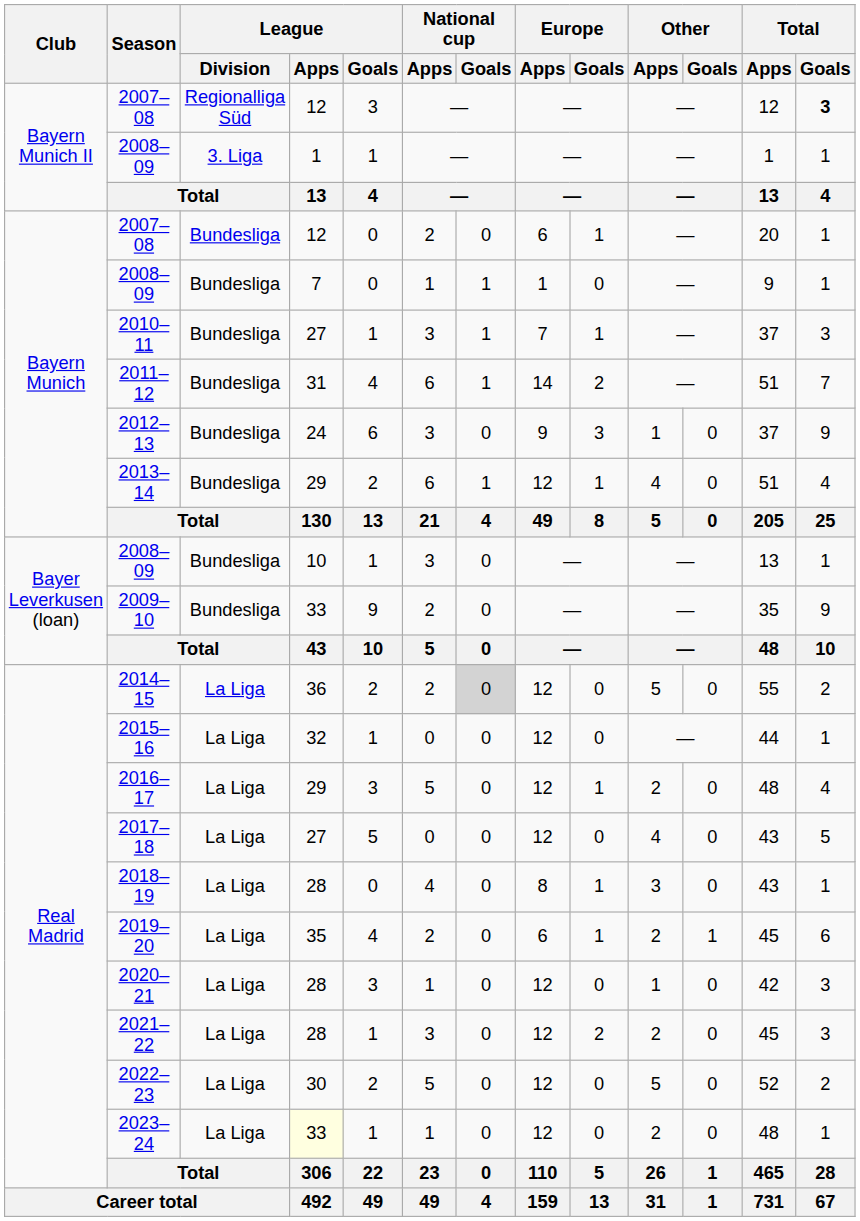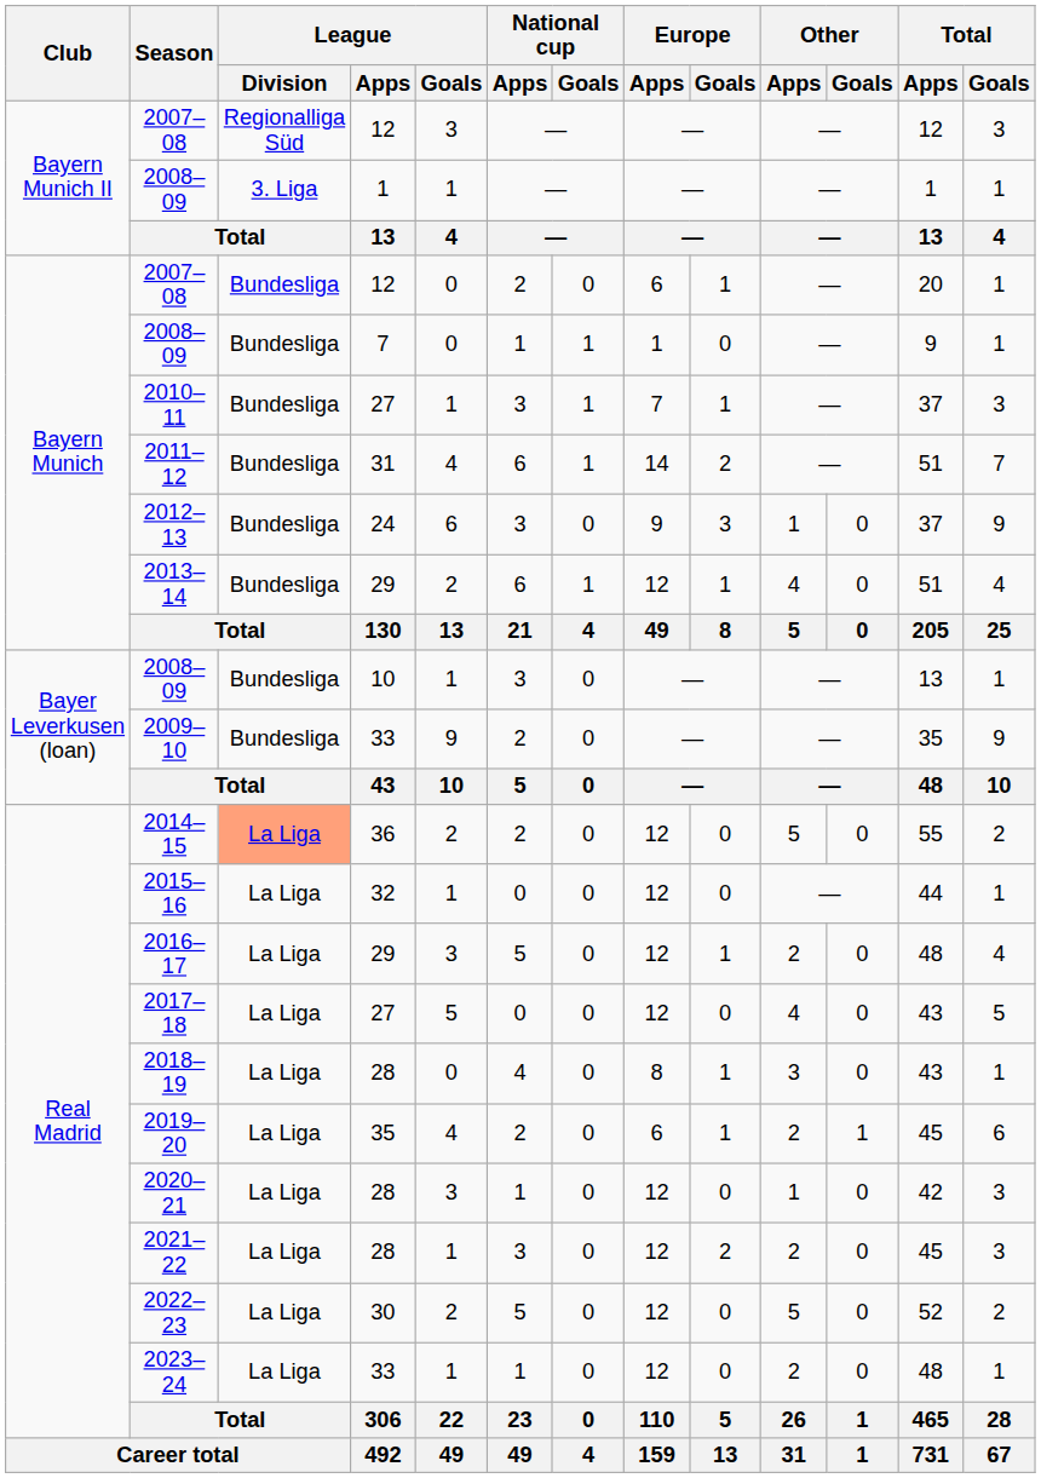 <table class="wikitable" style="text-align:center">
 <tr>
 <th rowspan="2">Club</th>
 <th rowspan="2">Season</th>
 <th colspan="3">League</th>
 <th colspan="2">National cup</th>
 <th colspan="2">Europe</th>
 <th colspan="2">Other</th>
 <th colspan="2">Total</th>
 </tr>
 <tr>
 <th>Division</th>
 <th>Apps</th>
 <th>Goals</th>
 <th>Apps</th>
 <th>Goals</th>
 <th>Apps</th>
 <th>Goals</th>
 <th>Apps</th>
 <th>Goals</th>
 <th>Apps</th>
 <th>Goals</th>
 </tr>
 <tr>
 <td rowspan="3"><a href='#'>Bayern Munich II</a></td>
 <td><a href='#'>2007–08</a></td>
 <td><a href='#'>Regionalliga Süd</a></td>
 <td>12</td>
 <td>3</td>
 <td colspan="2">—</td>
 <td colspan="2">—</td>
 <td colspan="2">—</td>
 <td>12</td>
-<td><strong>3</strong></td>
+<td>3</td>
 </tr>
 <tr>
 <td><a href='#'>2008–09</a></td>
 <td><a href='#'>3. Liga</a></td>
 <td>1</td>
 <td>1</td>
 <td colspan="2">—</td>
 <td colspan="2">—</td>
 <td colspan="2">—</td>
 <td>1</td>
 <td>1</td>
 </tr>
 <tr>
 <th colspan="2">Total</th>
 <th>13</th>
 <th>4</th>
 <th colspan="2">—</th>
 <th colspan="2">—</th>
 <th colspan="2">—</th>
 <th>13</th>
 <th>4</th>
 </tr>
 <tr>
 <td rowspan="7"><a href='#'>Bayern Munich</a></td>
 <td><a href='#'>2007–08</a></td>
 <td><a href='#'>Bundesliga</a></td>
 <td>12</td>
 <td>0</td>
 <td>2</td>
 <td>0</td>
 <td>6</td>
 <td>1</td>
 <td colspan="2">—</td>
 <td>20</td>
 <td>1</td>
 </tr>
 <tr>
 <td><a href='#'>2008–09</a></td>
 <td>Bundesliga</td>
 <td>7</td>
 <td>0</td>
 <td>1</td>
 <td>1</td>
 <td>1</td>
 <td>0</td>
 <td colspan="2">—</td>
 <td>9</td>
 <td>1</td>
 </tr>
 <tr>
 <td><a href='#'>2010–11</a></td>
 <td>Bundesliga</td>
 <td>27</td>
 <td>1</td>
 <td>3</td>
 <td>1</td>
 <td>7</td>
 <td>1</td>
 <td colspan="2">—</td>
 <td>37</td>
 <td>3</td>
 </tr>
 <tr>
 <td><a href='#'>2011–12</a></td>
 <td>Bundesliga</td>
 <td>31</td>
 <td>4</td>
 <td>6</td>
 <td>1</td>
 <td>14</td>
 <td>2</td>
 <td colspan="2">—</td>
 <td>51</td>
 <td>7</td>
 </tr>
 <tr>
 <td><a href='#'>2012–13</a></td>
 <td>Bundesliga</td>
 <td>24</td>
 <td>6</td>
 <td>3</td>
 <td>0</td>
 <td>9</td>
 <td>3</td>
 <td>1</td>
 <td>0</td>
 <td>37</td>
 <td>9</td>
 </tr>
 <tr>
 <td><a href='#'>2013–14</a></td>
 <td>Bundesliga</td>
 <td>29</td>
 <td>2</td>
 <td>6</td>
 <td>1</td>
 <td>12</td>
 <td>1</td>
 <td>4</td>
 <td>0</td>
 <td>51</td>
 <td>4</td>
 </tr>
 <tr>
 <th colspan="2">Total</th>
 <th>130</th>
 <th>13</th>
 <th>21</th>
 <th>4</th>
 <th>49</th>
 <th>8</th>
 <th>5</th>
 <th>0</th>
 <th>205</th>
 <th>25</th>
 </tr>
 <tr>
 <td rowspan="3"><a href='#'>Bayer Leverkusen</a> (loan)</td>
 <td><a href='#'>2008–09</a></td>
 <td>Bundesliga</td>
 <td>10</td>
 <td>1</td>
 <td>3</td>
 <td>0</td>
 <td colspan="2">—</td>
 <td colspan="2">—</td>
 <td>13</td>
 <td>1</td>
 </tr>
 <tr>
 <td><a href='#'>2009–10</a></td>
 <td>Bundesliga</td>
 <td>33</td>
 <td>9</td>
 <td>2</td>
 <td>0</td>
 <td colspan="2">—</td>
 <td colspan="2">—</td>
 <td>35</td>
 <td>9</td>
 </tr>
 <tr>
 <th colspan="2">Total</th>
 <th>43</th>
 <th>10</th>
 <th>5</th>
 <th>0</th>
 <th colspan="2">—</th>
 <th colspan="2">—</th>
 <th>48</th>
 <th>10</th>
 </tr>
 <tr>
 <td rowspan="11"><a href='#'>Real Madrid</a></td>
 <td><a href='#'>2014–15</a></td>
-<td><a href='#'>La Liga</a></td>
+<td style="background: lightsalmon;"><a href='#'>La Liga</a></td>
 <td>36</td>
 <td>2</td>
 <td>2</td>
-<td style="background: lightgrey;">0</td>
+<td>0</td>
 <td>12</td>
 <td>0</td>
 <td>5</td>
 <td>0</td>
 <td>55</td>
 <td>2</td>
 </tr>
 <tr>
 <td><a href='#'>2015–16</a></td>
 <td>La Liga</td>
 <td>32</td>
 <td>1</td>
 <td>0</td>
 <td>0</td>
 <td>12</td>
 <td>0</td>
 <td colspan="2">—</td>
 <td>44</td>
 <td>1</td>
 </tr>
 <tr>
 <td><a href='#'>2016–17</a></td>
 <td>La Liga</td>
 <td>29</td>
 <td>3</td>
 <td>5</td>
 <td>0</td>
 <td>12</td>
 <td>1</td>
 <td>2</td>
 <td>0</td>
 <td>48</td>
 <td>4</td>
 </tr>
 <tr>
 <td><a href='#'>2017–18</a></td>
 <td>La Liga</td>
 <td>27</td>
 <td>5</td>
 <td>0</td>
 <td>0</td>
 <td>12</td>
 <td>0</td>
 <td>4</td>
 <td>0</td>
 <td>43</td>
 <td>5</td>
 </tr>
 <tr>
 <td><a href='#'>2018–19</a></td>
 <td>La Liga</td>
 <td>28</td>
 <td>0</td>
 <td>4</td>
 <td>0</td>
 <td>8</td>
 <td>1</td>
 <td>3</td>
 <td>0</td>
 <td>43</td>
 <td>1</td>
 </tr>
 <tr>
 <td><a href='#'>2019–20</a></td>
 <td>La Liga</td>
 <td>35</td>
 <td>4</td>
 <td>2</td>
 <td>0</td>
 <td>6</td>
 <td>1</td>
 <td>2</td>
 <td>1</td>
 <td>45</td>
 <td>6</td>
 </tr>
 <tr>
 <td><a href='#'>2020–21</a></td>
 <td>La Liga</td>
 <td>28</td>
 <td>3</td>
 <td>1</td>
 <td>0</td>
 <td>12</td>
 <td>0</td>
 <td>1</td>
 <td>0</td>
 <td>42</td>
 <td>3</td>
 </tr>
 <tr>
 <td><a href='#'>2021–22</a></td>
 <td>La Liga</td>
 <td>28</td>
 <td>1</td>
 <td>3</td>
 <td>0</td>
 <td>12</td>
 <td>2</td>
 <td>2</td>
 <td>0</td>
 <td>45</td>
 <td>3</td>
 </tr>
 <tr>
 <td><a href='#'>2022–23</a></td>
 <td>La Liga</td>
 <td>30</td>
 <td>2</td>
 <td>5</td>
 <td>0</td>
 <td>12</td>
 <td>0</td>
 <td>5</td>
 <td>0</td>
 <td>52</td>
 <td>2</td>
 </tr>
 <tr>
 <td><a href='#'>2023–24</a></td>
 <td>La Liga</td>
-<td style="background: lightyellow;">33</td>
+<td>33</td>
 <td>1</td>
 <td>1</td>
 <td>0</td>
 <td>12</td>
 <td>0</td>
 <td>2</td>
 <td>0</td>
 <td>48</td>
 <td>1</td>
 </tr>
 <tr>
 <th colspan="2">Total</th>
 <th>306</th>
 <th>22</th>
 <th>23</th>
 <th>0</th>
 <th>110</th>
 <th>5</th>
 <th>26</th>
 <th>1</th>
 <th>465</th>
 <th>28</th>
 </tr>
 <tr>
 <th colspan="3">Career total</th>
 <th>492</th>
 <th>49</th>
 <th>49</th>
 <th>4</th>
 <th>159</th>
 <th>13</th>
 <th>31</th>
 <th>1</th>
 <th>731</th>
 <th>67</th>
 </tr>
 </table>
